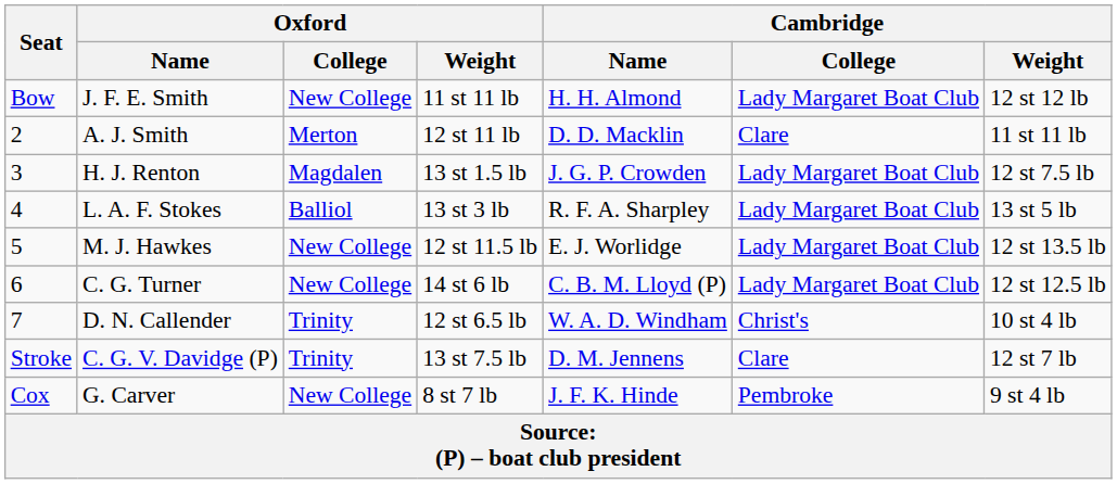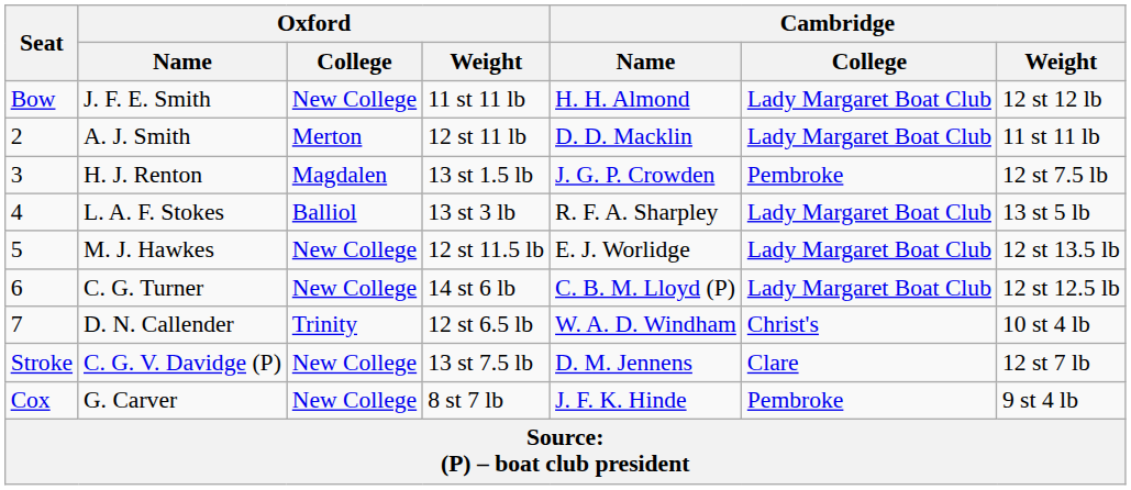 <table class="wikitable">
 <tr>
 <th rowspan="2" scope="col">Seat</th>
 <th colspan="3" scope="col">Oxford <br> </th>
 <th colspan="3" scope="col">Cambridge <br> </th>
 </tr>
 <tr>
 <th>Name</th>
 <th>College</th>
 <th>Weight</th>
 <th>Name</th>
 <th>College</th>
 <th>Weight</th>
 </tr>
 <tr>
 <td><a href='#'>Bow</a></td>
 <td>J. F. E. Smith</td>
 <td><a href='#'>New College</a></td>
 <td>11 st 11 lb</td>
 <td><a href='#'>H. H. Almond</a></td>
 <td><a href='#'>Lady Margaret Boat Club</a></td>
 <td>12 st 12 lb</td>
 </tr>
 <tr>
 <td>2</td>
 <td>A. J. Smith</td>
 <td><a href='#'>Merton</a></td>
 <td>12 st 11 lb</td>
 <td><a href='#'>D. D. Macklin</a></td>
-<td><a href='#'>Clare</a></td>
+<td><a href='#'>Lady Margaret Boat Club</a></td>
 <td>11 st 11 lb</td>
 </tr>
 <tr>
 <td>3</td>
 <td>H. J. Renton</td>
 <td><a href='#'>Magdalen</a></td>
 <td>13 st 1.5 lb</td>
 <td><a href='#'>J. G. P. Crowden</a></td>
-<td><a href='#'>Lady Margaret Boat Club</a></td>
+<td><a href='#'>Pembroke</a></td>
 <td>12 st 7.5 lb</td>
 </tr>
 <tr>
 <td>4</td>
 <td>L. A. F. Stokes</td>
 <td><a href='#'>Balliol</a></td>
 <td>13 st 3 lb</td>
 <td>R. F. A. Sharpley</td>
 <td><a href='#'>Lady Margaret Boat Club</a></td>
 <td>13 st 5 lb</td>
 </tr>
 <tr>
 <td>5</td>
 <td>M. J. Hawkes</td>
 <td><a href='#'>New College</a></td>
 <td>12 st 11.5 lb</td>
 <td>E. J. Worlidge</td>
 <td><a href='#'>Lady Margaret Boat Club</a></td>
 <td>12 st 13.5 lb</td>
 </tr>
 <tr>
 <td>6</td>
 <td>C. G. Turner</td>
 <td><a href='#'>New College</a></td>
 <td>14 st 6 lb</td>
 <td><a href='#'>C. B. M. Lloyd</a> (P)</td>
 <td><a href='#'>Lady Margaret Boat Club</a></td>
 <td>12 st 12.5 lb</td>
 </tr>
 <tr>
 <td>7</td>
 <td>D. N. Callender</td>
 <td><a href='#'>Trinity</a></td>
 <td>12 st 6.5 lb</td>
 <td><a href='#'>W. A. D. Windham</a></td>
 <td><a href='#'>Christ's</a></td>
 <td>10 st 4 lb</td>
 </tr>
 <tr>
 <td><a href='#'>Stroke</a></td>
 <td><a href='#'>C. G. V. Davidge</a> (P)</td>
-<td><a href='#'>Trinity</a></td>
+<td><a href='#'>New College</a></td>
 <td>13 st 7.5 lb</td>
 <td><a href='#'>D. M. Jennens</a></td>
 <td><a href='#'>Clare</a></td>
 <td>12 st 7 lb</td>
 </tr>
 <tr>
 <td><a href='#'>Cox</a></td>
 <td>G. Carver</td>
 <td><a href='#'>New College</a></td>
 <td>8 st 7 lb</td>
 <td><a href='#'>J. F. K. Hinde</a></td>
 <td><a href='#'>Pembroke</a></td>
 <td>9 st 4 lb</td>
 </tr>
 <tr>
 <th colspan="7">Source:<br>(P) – boat club president</th>
 </tr>
 </table>
